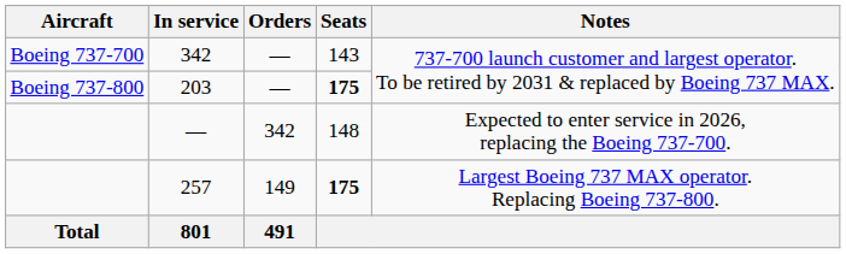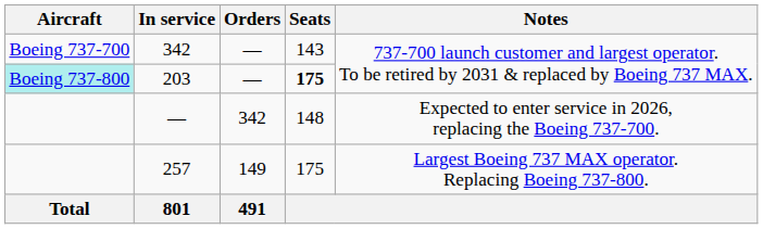 <table class="wikitable" style="text-align:center">
 <tr>
 <th>Aircraft</th>
 <th>In service</th>
 <th>Orders</th>
 <th>Seats</th>
 <th>Notes</th>
 </tr>
 <tr>
 <td><a href='#'>Boeing 737-700</a></td>
 <td>342</td>
 <td>—</td>
 <td>143</td>
 <td rowspan="2"><a href='#'>737-700 launch customer and largest operator</a>.<br>To be retired by 2031 & replaced by <a href='#'>Boeing 737 MAX</a>.</td>
 </tr>
 <tr>
-<td><a href='#'>Boeing 737-800</a></td>
+<td style="background: paleturquoise;"><a href='#'>Boeing 737-800</a></td>
 <td>203</td>
 <td>—</td>
 <td><strong>175</strong></td>
 </tr>
 <tr>
 <td></td>
 <td>—</td>
 <td>342</td>
 <td>148</td>
 <td>Expected to enter service in 2026,<br>replacing the <a href='#'>Boeing 737-700</a>.</td>
 </tr>
 <tr>
 <td></td>
 <td>257</td>
 <td>149</td>
-<td><strong>175</strong></td>
+<td>175</td>
 <td><a href='#'>Largest Boeing 737 MAX operator</a>.<br>Replacing <a href='#'>Boeing 737-800</a>.</td>
 </tr>
 <tr>
 <th>Total</th>
 <th>801</th>
 <th>491</th>
 <th colspan="2"></th>
 </tr>
 </table>
